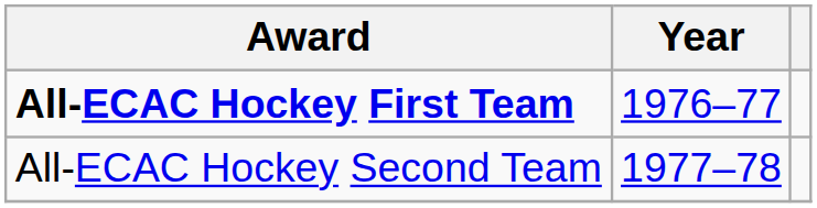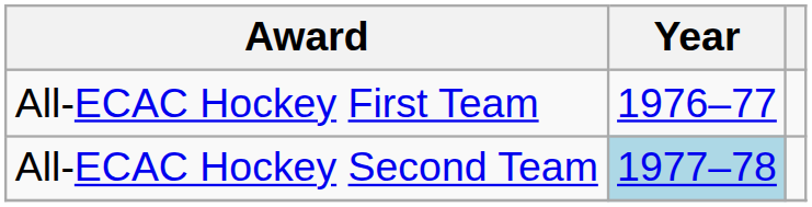 <table class="wikitable">
 <tr>
 <th>Award</th>
 <th>Year</th>
 <th></th>
 </tr>
 <tr>
-<td><strong>All-<a href='#'>ECAC Hockey</a> <a href='#'>First Team</a></strong></td>
+<td>All-<a href='#'>ECAC Hockey</a> <a href='#'>First Team</a></td>
 <td><a href='#'>1976–77</a></td>
 <td></td>
 </tr>
 <tr>
 <td>All-<a href='#'>ECAC Hockey</a> <a href='#'>Second Team</a></td>
-<td><a href='#'>1977–78</a></td>
+<td style="background: lightblue;"><a href='#'>1977–78</a></td>
 <td></td>
 </tr>
 <tr>
 </tr>
 </table>
